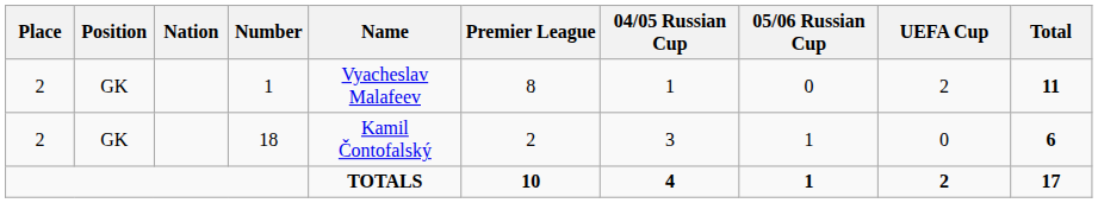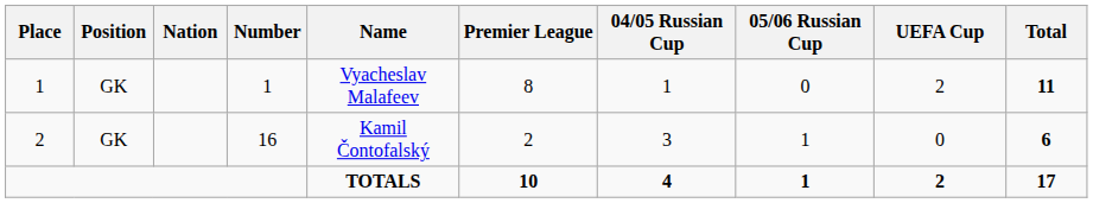 <table class="wikitable" style="font-size: 95%; text-align: center;">
 <tr>
 <th width=60>Place</th>
 <th width=60>Position</th>
 <th width=60>Nation</th>
 <th width=60>Number</th>
 <th width=150>Name</th>
 <th width=150>Premier League</th>
 <th width=150>04/05 Russian Cup</th>
 <th width=150>05/06 Russian Cup</th>
 <th width=150>UEFA Cup</th>
 <th width=80><strong>Total</strong></th>
 </tr>
 <tr>
-<td>2</td>
+<td>1</td>
 <td>GK</td>
 <td></td>
 <td>1</td>
 <td><a href='#'>Vyacheslav Malafeev</a></td>
 <td>8</td>
 <td>1</td>
 <td>0</td>
 <td>2</td>
 <td><strong>11</strong></td>
 </tr>
 <tr>
 <td>2</td>
 <td>GK</td>
 <td></td>
-<td>18</td>
+<td>16</td>
 <td><a href='#'>Kamil Čontofalský</a></td>
 <td>2</td>
 <td>3</td>
 <td>1</td>
 <td>0</td>
 <td><strong>6</strong></td>
 </tr>
 <tr>
 <td colspan="4"></td>
 <td><strong>TOTALS</strong></td>
 <td><strong>10</strong></td>
 <td><strong>4</strong></td>
 <td><strong>1</strong></td>
 <td><strong>2</strong></td>
 <td><strong>17</strong></td>
 </tr>
 </table>
